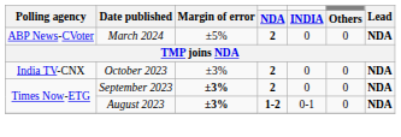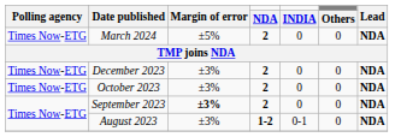 <table class="wikitable sortable" style="text-align:center;font-size:95%;line-height:16px">
 <tr>
 <th rowspan="2">Polling agency</th>
 <th rowspan="2">Date published</th>
 <th rowspan="2">Margin of error</th>
 <td bgcolor=></td>
 <td bgcolor=></td>
 <td bgcolor="grey"></td>
 <th rowspan="2">Lead</th>
 </tr>
 <tr>
 <th><a href='#'>NDA</a></th>
 <th><a href='#'>INDIA</a></th>
 <th>Others</th>
 </tr>
 <tr>
-<td><a href='#'>ABP News</a>-<a href='#'>CVoter</a></td>
+<td><a href='#'>Times Now</a>-<a href='#'>ETG</a></td>
 <td><em>March 2024</em></td>
 <td>±5%</td>
 <td><strong>2</strong></td>
 <td>0</td>
 <td>0</td>
 <td><strong>NDA</strong></td>
 </tr>
 <tr>
 <th colspan="7"><a href='#'>TMP</a> joins <a href='#'>NDA</a></th>
 </tr>
 <tr>
-<td><a href='#'>India TV</a>-CNX</td>
+<td><a href='#'>Times Now</a>-<a href='#'>ETG</a></td>
+<td><em>December 2023</em></td>
+<td>±3%</td>
+<td bgcolor=><strong>2</strong></td>
+<td>0</td>
+<td>0</td>
+<td bgcolor=><strong>NDA</strong></td>
+</tr>
+<tr>
+<td><a href='#'>Times Now</a>-<a href='#'>ETG</a></td>
 <td><em>October 2023</em></td>
 <td>±3%</td>
 <td bgcolor=><strong>2</strong></td>
 <td>0</td>
 <td>0</td>
 <td bgcolor=><strong>NDA</strong></td>
 </tr>
 <tr>
 <td rowspan="2"><a href='#'>Times Now</a>-<a href='#'>ETG</a></td>
 <td><em>September 2023</em></td>
 <td><strong>±3%</strong></td>
 <td bgcolor=><strong>2</strong></td>
 <td>0</td>
 <td>0</td>
 <td bgcolor=><strong>NDA</strong></td>
 </tr>
 <tr>
 <td><em>August 2023</em></td>
-<td><strong>±3%</strong></td>
+<td>±3%</td>
 <td bgcolor=><strong>1-2</strong></td>
 <td>0-1</td>
 <td>0</td>
 <td bgcolor=><strong>NDA</strong></td>
 </tr>
 <tr>
 </tr>
 </table>
